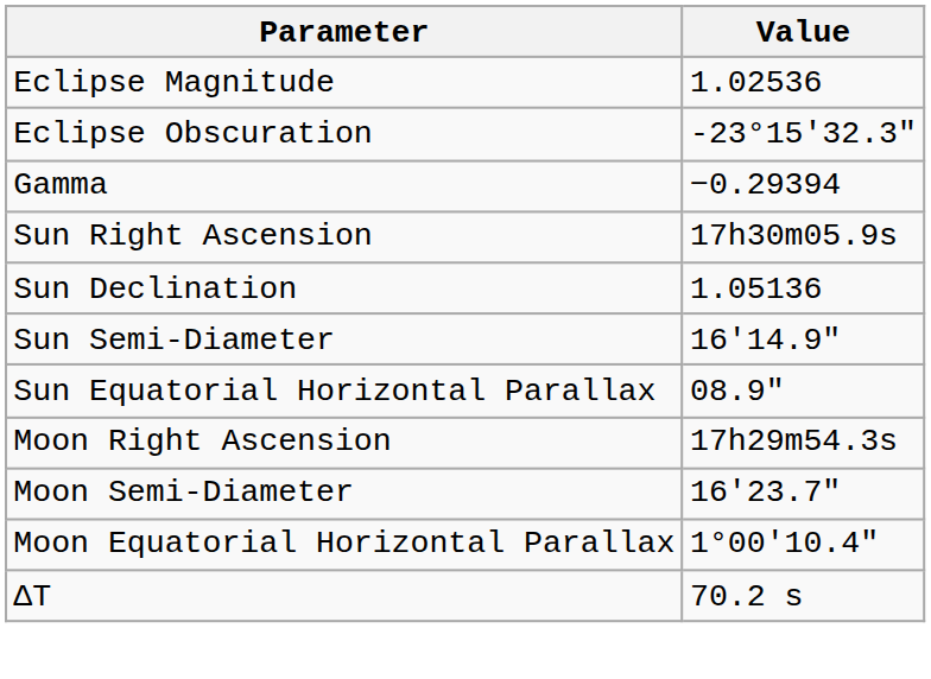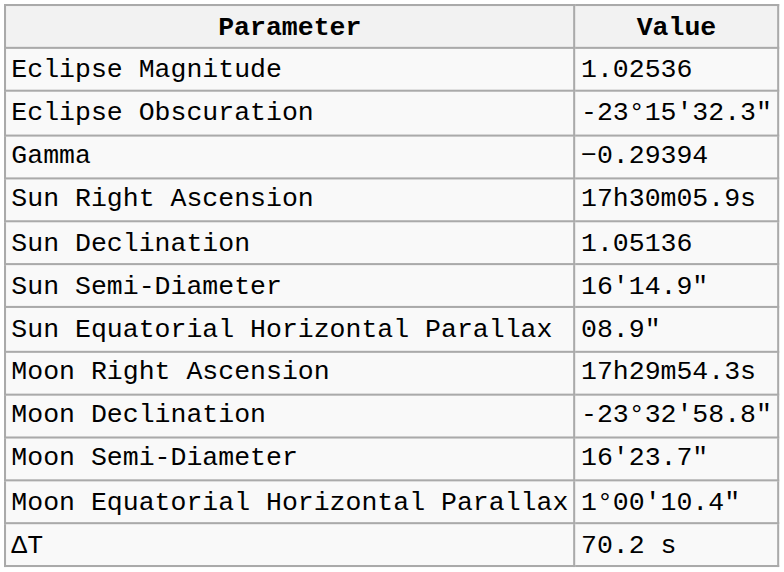 <table class="wikitable">
 <tr>
 <th>Parameter</th>
 <th>Value</th>
 </tr>
 <tr>
 <td>Eclipse Magnitude</td>
 <td>1.02536</td>
 </tr>
 <tr>
 <td>Eclipse Obscuration</td>
 <td>-23°15'32.3"</td>
 </tr>
 <tr>
 <td>Gamma</td>
 <td>−0.29394</td>
 </tr>
 <tr>
 <td>Sun Right Ascension</td>
 <td>17h30m05.9s</td>
 </tr>
 <tr>
 <td>Sun Declination</td>
 <td>1.05136</td>
 </tr>
 <tr>
 <td>Sun Semi-Diameter</td>
 <td>16'14.9"</td>
 </tr>
 <tr>
 <td>Sun Equatorial Horizontal Parallax</td>
 <td>08.9"</td>
 </tr>
 <tr>
 <td>Moon Right Ascension</td>
 <td>17h29m54.3s</td>
 </tr>
 <tr>
+<td>Moon Declination</td>
+<td>-23°32'58.8"</td>
+</tr>
+<tr>
 <td>Moon Semi-Diameter</td>
 <td>16'23.7"</td>
 </tr>
 <tr>
 <td>Moon Equatorial Horizontal Parallax</td>
 <td>1°00'10.4"</td>
 </tr>
 <tr>
 <td>ΔT</td>
 <td>70.2 s</td>
 </tr>
 </table>
